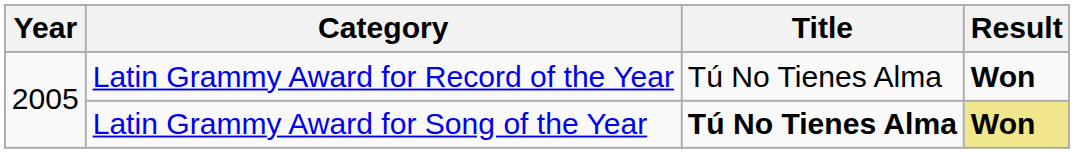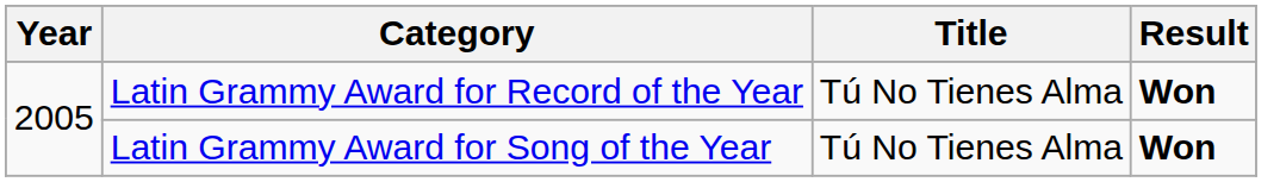 <table class="wikitable">
 <tr>
 <th align="left">Year</th>
 <th align="212">Category</th>
 <th align="left">Title</th>
 <th align="left">Result</th>
 </tr>
 <tr>
 <td align="left" rowspan=2>2005</td>
 <td align="left"><a href='#'>Latin Grammy Award for Record of the Year</a></td>
 <td align="left">Tú No Tienes Alma</td>
 <td align="left"><strong>Won</strong></td>
 </tr>
 <tr>
 <td align="left"><a href='#'>Latin Grammy Award for Song of the Year</a></td>
-<td align="left"><strong>Tú No Tienes Alma</strong></td>
-<td align="left" style="background: khaki;"><strong>Won</strong></td>
+<td align="left">Tú No Tienes Alma</td>
+<td align="left"><strong>Won</strong></td>
 </tr>
 </table>
